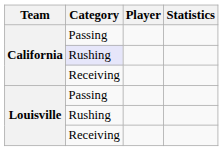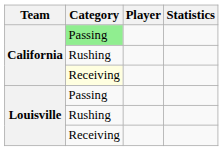 <table class="wikitable" style="float:right">
 <tr>
 <th>Team</th>
 <th>Category</th>
 <th>Player</th>
 <th>Statistics</th>
 </tr>
 <tr>
 <th rowspan=3>California</th>
-<td>Passing</td>
+<td style="background: lightgreen;">Passing</td>
 <td></td>
 <td></td>
 </tr>
 <tr>
-<td style="background: lavender;">Rushing</td>
+<td>Rushing</td>
 <td></td>
 <td></td>
 </tr>
 <tr>
-<td>Receiving</td>
+<td style="background: lightyellow;">Receiving</td>
 <td></td>
 <td></td>
 </tr>
 <tr>
 <th rowspan=3>Louisville</th>
 <td>Passing</td>
 <td></td>
 <td></td>
 </tr>
 <tr>
 <td>Rushing</td>
 <td></td>
 <td></td>
 </tr>
 <tr>
 <td>Receiving</td>
 <td></td>
 <td></td>
 </tr>
 </table>
